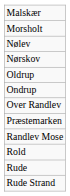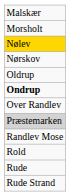 <table class="wikitable" style="float:left; margin-right:1em">
 <tr>
 <td>Malskær</td>
 </tr>
 <tr>
 <td>Morsholt</td>
 </tr>
 <tr>
-<td>Nølev</td>
+<td style="background: gold;">Nølev</td>
 </tr>
 <tr>
 <td>Nørskov</td>
 </tr>
 <tr>
 <td>Oldrup</td>
 </tr>
 <tr>
-<td>Ondrup</td>
+<td><strong>Ondrup</strong></td>
 </tr>
 <tr>
 <td>Over Randlev</td>
 </tr>
 <tr>
-<td>Præstemarken</td>
+<td style="background: lightgrey;">Præstemarken</td>
 </tr>
 <tr>
 <td>Randlev Mose</td>
 </tr>
 <tr>
 <td>Rold</td>
 </tr>
 <tr>
 <td>Rude</td>
 </tr>
 <tr>
 <td>Rude Strand</td>
 </tr>
 </table>
